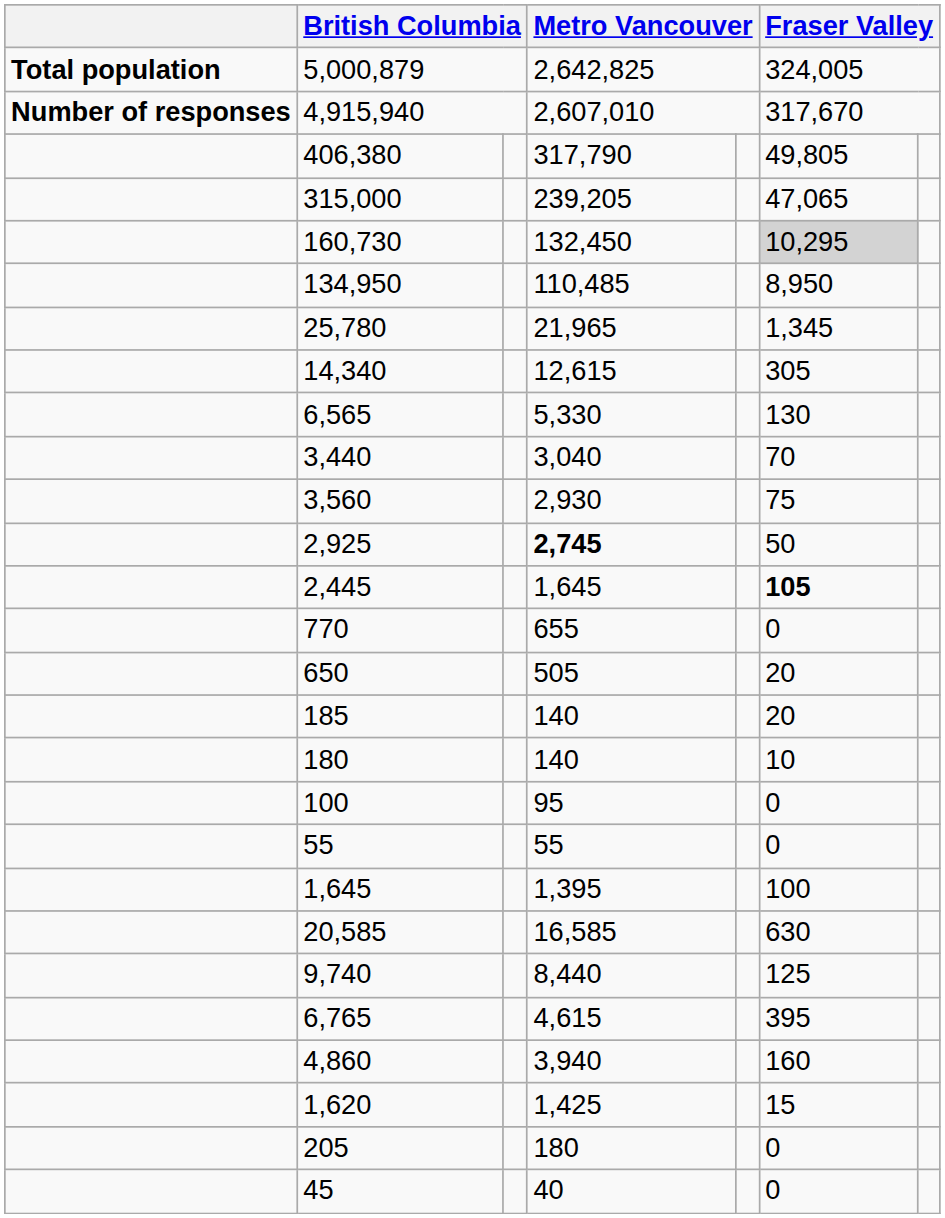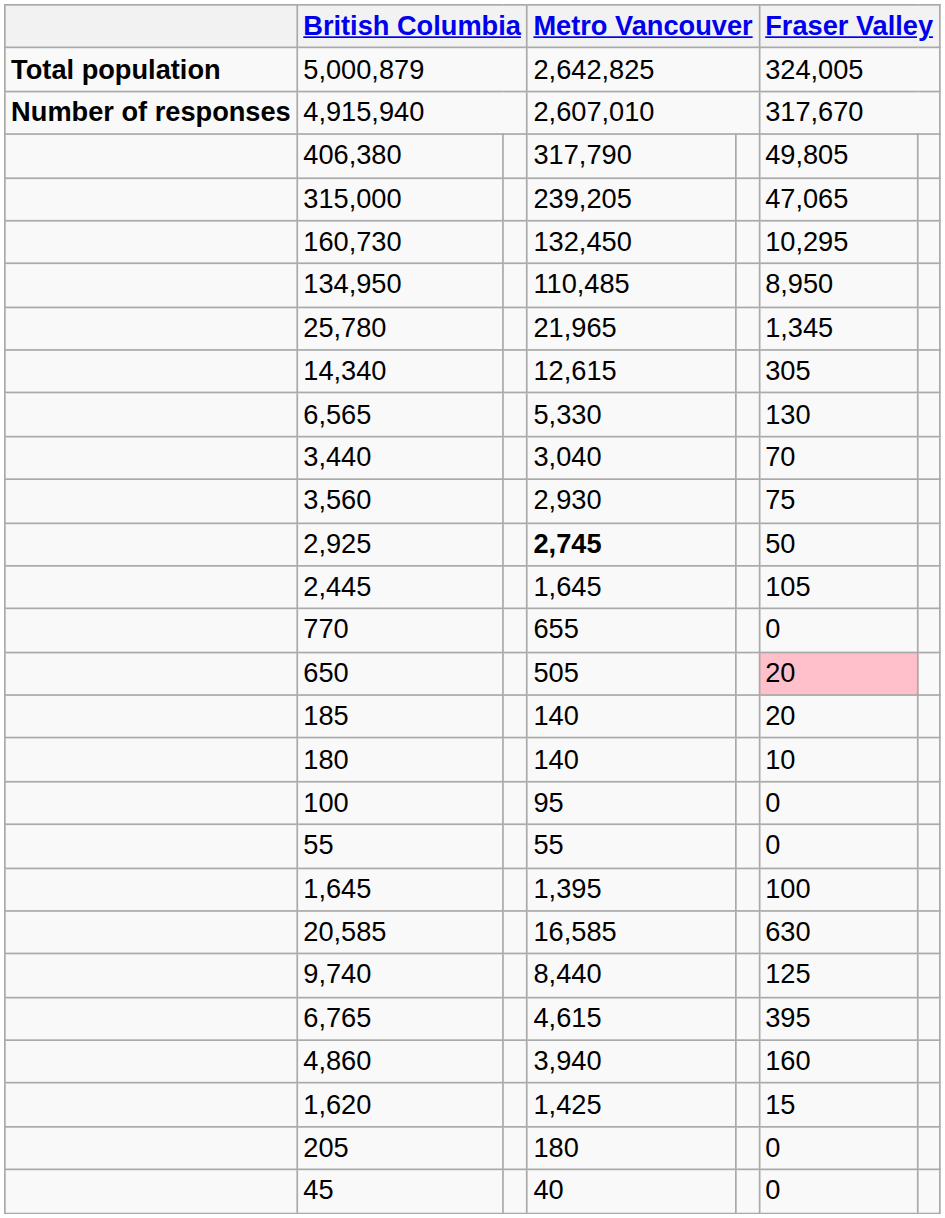 <table class="wikitable">
 <tr>
 <th></th>
 <th colspan="2"><a href='#'>British Columbia</a></th>
 <th colspan="2"><a href='#'>Metro Vancouver</a></th>
 <th colspan="2"><a href='#'>Fraser Valley</a></th>
 </tr>
 <tr>
 <td><strong> Total population</strong></td>
 <td colspan="2">5,000,879</td>
 <td colspan="2">2,642,825</td>
 <td colspan="2">324,005</td>
 </tr>
 <tr>
 <td><strong> Number of responses </strong></td>
 <td colspan="2">4,915,940</td>
 <td colspan="2">2,607,010</td>
 <td colspan="2">317,670</td>
 </tr>
 <tr>
 <td><br></td>
 <td>406,380</td>
 <td></td>
 <td>317,790</td>
 <td></td>
 <td>49,805</td>
 <td></td>
 </tr>
 <tr>
 <td><br></td>
 <td>315,000</td>
 <td></td>
 <td>239,205</td>
 <td></td>
 <td>47,065</td>
 <td></td>
 </tr>
 <tr>
 <td><br></td>
 <td>160,730</td>
 <td></td>
 <td>132,450</td>
 <td></td>
-<td style="background: lightgrey;">10,295</td>
+<td>10,295</td>
 <td></td>
 </tr>
 <tr>
 <td><br></td>
 <td>134,950</td>
 <td></td>
 <td>110,485</td>
 <td></td>
 <td>8,950</td>
 <td></td>
 </tr>
 <tr>
 <td><br></td>
 <td>25,780</td>
 <td></td>
 <td>21,965</td>
 <td></td>
 <td>1,345</td>
 <td></td>
 </tr>
 <tr>
 <td><br></td>
 <td>14,340</td>
 <td></td>
 <td>12,615</td>
 <td></td>
 <td>305</td>
 <td></td>
 </tr>
 <tr>
 <td><br></td>
 <td>6,565</td>
 <td></td>
 <td>5,330</td>
 <td></td>
 <td>130</td>
 <td></td>
 </tr>
 <tr>
 <td><br></td>
 <td>3,440</td>
 <td></td>
 <td>3,040</td>
 <td></td>
 <td>70</td>
 <td></td>
 </tr>
 <tr>
 <td><br></td>
 <td>3,560</td>
 <td></td>
 <td>2,930</td>
 <td></td>
 <td>75</td>
 <td></td>
 </tr>
 <tr>
 <td><br></td>
 <td>2,925</td>
 <td></td>
 <td><strong>2,745</strong></td>
 <td></td>
 <td>50</td>
 <td></td>
 </tr>
 <tr>
 <td><br></td>
 <td>2,445</td>
 <td></td>
 <td>1,645</td>
 <td></td>
-<td><strong>105</strong></td>
+<td>105</td>
 <td></td>
 </tr>
 <tr>
 <td><br></td>
 <td>770</td>
 <td></td>
 <td>655</td>
 <td></td>
 <td>0</td>
 <td></td>
 </tr>
 <tr>
 <td><br></td>
 <td>650</td>
 <td></td>
 <td>505</td>
 <td></td>
-<td>20</td>
+<td style="background: pink;">20</td>
 <td></td>
 </tr>
 <tr>
 <td><br></td>
 <td>185</td>
 <td></td>
 <td>140</td>
 <td></td>
 <td>20</td>
 <td></td>
 </tr>
 <tr>
 <td><br></td>
 <td>180</td>
 <td></td>
 <td>140</td>
 <td></td>
 <td>10</td>
 <td></td>
 </tr>
 <tr>
 <td><br></td>
 <td>100</td>
 <td></td>
 <td>95</td>
 <td></td>
 <td>0</td>
 <td></td>
 </tr>
 <tr>
 <td><br></td>
 <td>55</td>
 <td></td>
 <td>55</td>
 <td></td>
 <td>0</td>
 <td></td>
 </tr>
 <tr>
 <td><br></td>
 <td>1,645</td>
 <td></td>
 <td>1,395</td>
 <td></td>
 <td>100</td>
 <td></td>
 </tr>
 <tr>
 <td><br></td>
 <td>20,585</td>
 <td></td>
 <td>16,585</td>
 <td></td>
 <td>630</td>
 <td></td>
 </tr>
 <tr>
 <td><br></td>
 <td>9,740</td>
 <td></td>
 <td>8,440</td>
 <td></td>
 <td>125</td>
 <td></td>
 </tr>
 <tr>
 <td><br></td>
 <td>6,765</td>
 <td></td>
 <td>4,615</td>
 <td></td>
 <td>395</td>
 <td></td>
 </tr>
 <tr>
 <td><br></td>
 <td>4,860</td>
 <td></td>
 <td>3,940</td>
 <td></td>
 <td>160</td>
 <td></td>
 </tr>
 <tr>
 <td><br></td>
 <td>1,620</td>
 <td></td>
 <td>1,425</td>
 <td></td>
 <td>15</td>
 <td></td>
 </tr>
 <tr>
 <td><br></td>
 <td>205</td>
 <td></td>
 <td>180</td>
 <td></td>
 <td>0</td>
 <td></td>
 </tr>
 <tr>
 <td><br></td>
 <td>45</td>
 <td></td>
 <td>40</td>
 <td></td>
 <td>0</td>
 <td></td>
 </tr>
 </table>
